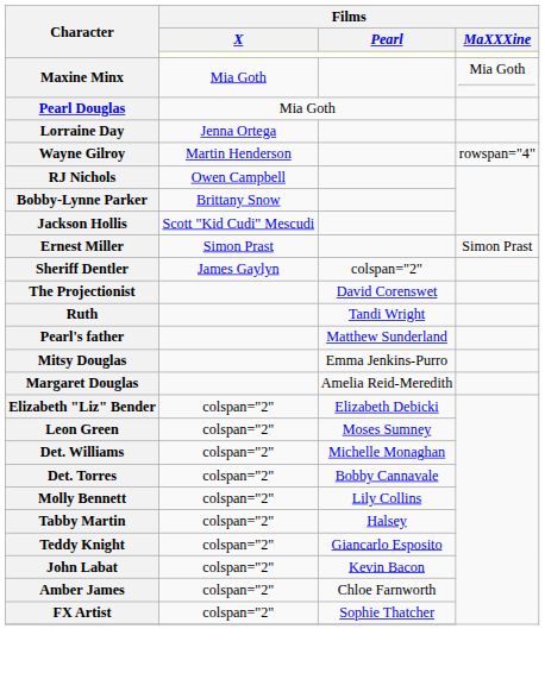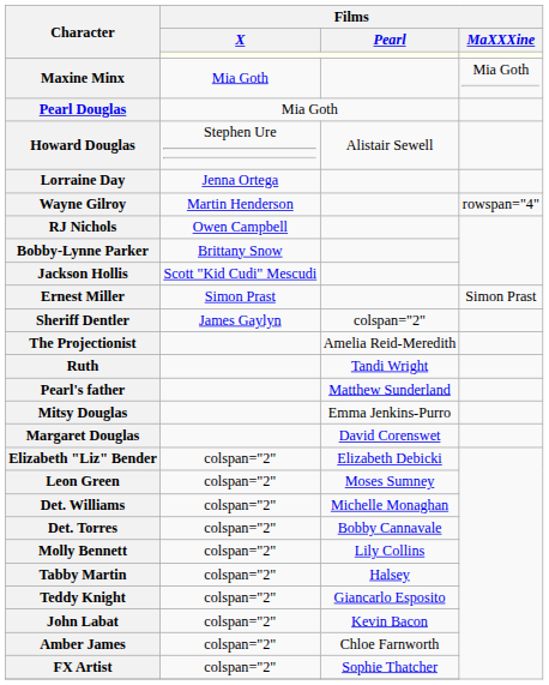 <table class="wikitable" style="text-align:center;">
 <tr>
 <th rowspan="3">Character</th>
 <th colspan="3">Films</th>
 </tr>
 <tr>
 <th><em><a href='#'>X</a></em></th>
 <th><em><a href='#'>Pearl</a></em></th>
 <th><em><a href='#'>MaXXXine</a></em></th>
 </tr>
 <tr>
 <th colspan="2" style="background:ivory;"></th>
 <th style="background:ivory;"></th>
 </tr>
 <tr>
 <th scope="row">Maxine Minx<br></th>
 <td><a href='#'>Mia Goth</a></td>
 <td></td>
 <td>Mia Goth<hr></td>
 </tr>
 <tr>
 <th scope="row"><a href='#'>Pearl Douglas</a></th>
 <td colspan="2">Mia Goth</td>
+<td></td>
+</tr>
+<tr>
+<th scope="row">Howard Douglas</th>
+<td>Stephen Ure<hr> <hr></td>
+<td>Alistair Sewell</td>
 <td></td>
 </tr>
 <tr>
 <th scope="row">Lorraine Day</th>
 <td><a href='#'>Jenna Ortega</a></td>
 <td></td>
 <td></td>
 </tr>
 <tr>
 <th scope="row">Wayne Gilroy</th>
 <td><a href='#'>Martin Henderson</a></td>
 <td></td>
 <td>rowspan="4" </td>
 </tr>
 <tr>
 <th scope="row">RJ Nichols</th>
 <td><a href='#'>Owen Campbell</a></td>
 <td></td>
 </tr>
 <tr>
 <th scope="row">Bobby-Lynne Parker</th>
 <td><a href='#'>Brittany Snow</a></td>
 <td></td>
 </tr>
 <tr>
 <th scope="row">Jackson Hollis</th>
 <td><a href='#'>Scott "Kid Cudi" Mescudi</a></td>
 <td></td>
 </tr>
 <tr>
 <th scope="row">Ernest Miller <br></th>
 <td><a href='#'>Simon Prast</a></td>
 <td></td>
 <td>Simon Prast</td>
 </tr>
 <tr>
 <th scope="row">Sheriff Dentler</th>
 <td><a href='#'>James Gaylyn</a></td>
 <td>colspan="2" </td>
 </tr>
 <tr>
 <th scope="row">The Projectionist</th>
 <td></td>
-<td><a href='#'>David Corenswet</a></td>
+<td>Amelia Reid-Meredith</td>
 <td></td>
 </tr>
 <tr>
 <th scope="row">Ruth</th>
 <td></td>
 <td><a href='#'>Tandi Wright</a></td>
 <td></td>
 </tr>
 <tr>
 <th scope="row">Pearl's father</th>
 <td></td>
 <td><a href='#'>Matthew Sunderland</a></td>
 <td></td>
 </tr>
 <tr>
 <th scope="row">Mitsy Douglas</th>
 <td></td>
 <td>Emma Jenkins-Purro</td>
 <td></td>
 </tr>
 <tr>
 <th scope="row">Margaret Douglas</th>
 <td></td>
-<td>Amelia Reid-Meredith</td>
+<td><a href='#'>David Corenswet</a></td>
 <td></td>
 </tr>
 <tr>
 <th scope="row">Elizabeth "Liz" Bender</th>
 <td>colspan="2" </td>
 <td><a href='#'>Elizabeth Debicki</a></td>
 </tr>
 <tr>
 <th scope="row">Leon Green</th>
 <td>colspan="2" </td>
 <td><a href='#'>Moses Sumney</a></td>
 </tr>
 <tr>
 <th scope="row">Det. Williams</th>
 <td>colspan="2" </td>
 <td><a href='#'>Michelle Monaghan</a></td>
 </tr>
 <tr>
 <th scope="row">Det. Torres</th>
 <td>colspan="2" </td>
 <td><a href='#'>Bobby Cannavale</a></td>
 </tr>
 <tr>
 <th scope="row">Molly Bennett</th>
 <td>colspan="2" </td>
 <td><a href='#'>Lily Collins</a></td>
 </tr>
 <tr>
 <th scope="row">Tabby Martin</th>
 <td>colspan="2" </td>
 <td><a href='#'>Halsey</a></td>
 </tr>
 <tr>
 <th scope="row">Teddy Knight</th>
 <td>colspan="2" </td>
 <td><a href='#'>Giancarlo Esposito</a></td>
 </tr>
 <tr>
 <th scope="row">John Labat</th>
 <td>colspan="2" </td>
 <td><a href='#'>Kevin Bacon</a></td>
 </tr>
 <tr>
 <th>Amber James</th>
 <td>colspan="2" </td>
 <td>Chloe Farnworth</td>
 </tr>
 <tr>
 <th scope="row">FX Artist</th>
 <td>colspan="2" </td>
 <td><a href='#'>Sophie Thatcher</a></td>
 </tr>
 <tr>
 </tr>
 </table>
